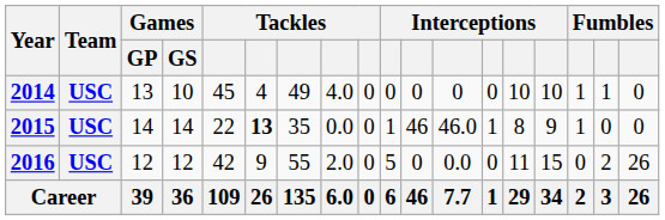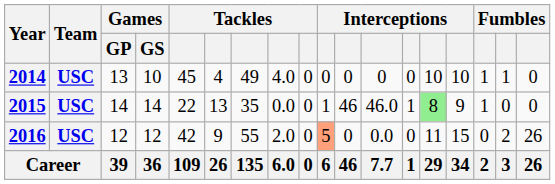 <table class="wikitable" style="text-align:center;">
 <tr>
 <th rowspan="2">Year</th>
 <th rowspan="2">Team</th>
 <th colspan="2">Games</th>
 <th colspan="5">Tackles</th>
 <th colspan="6">Interceptions</th>
 <th colspan="3">Fumbles</th>
 </tr>
 <tr>
 <th>GP</th>
 <th>GS</th>
 <th></th>
 <th></th>
 <th></th>
 <th></th>
 <th></th>
 <th></th>
 <th></th>
 <th></th>
 <th></th>
 <th></th>
 <th></th>
 <th></th>
 <th></th>
 <th></th>
 </tr>
 <tr>
 <th><a href='#'>2014</a></th>
 <th><a href='#'>USC</a></th>
 <td>13</td>
 <td>10</td>
 <td>45</td>
 <td>4</td>
 <td>49</td>
 <td>4.0</td>
 <td>0</td>
 <td>0</td>
 <td>0</td>
 <td>0</td>
 <td>0</td>
 <td>10</td>
 <td>10</td>
 <td>1</td>
 <td>1</td>
 <td>0</td>
 </tr>
 <tr>
 <th><a href='#'>2015</a></th>
 <th><a href='#'>USC</a></th>
 <td>14</td>
 <td>14</td>
 <td>22</td>
-<td><strong>13</strong></td>
+<td>13</td>
 <td>35</td>
 <td>0.0</td>
 <td>0</td>
 <td>1</td>
 <td>46</td>
 <td>46.0</td>
 <td>1</td>
-<td>8</td>
+<td style="background: lightgreen;">8</td>
 <td>9</td>
 <td>1</td>
 <td>0</td>
 <td>0</td>
 </tr>
 <tr>
 <th><a href='#'>2016</a></th>
 <th><a href='#'>USC</a></th>
 <td>12</td>
 <td>12</td>
 <td>42</td>
 <td>9</td>
 <td>55</td>
 <td>2.0</td>
 <td>0</td>
-<td>5</td>
+<td style="background: lightsalmon;">5</td>
 <td>0</td>
 <td>0.0</td>
 <td>0</td>
 <td>11</td>
 <td>15</td>
 <td>0</td>
 <td>2</td>
 <td>26</td>
 </tr>
 <tr>
 <th colspan="2">Career</th>
 <th>39</th>
 <th>36</th>
 <th>109</th>
 <th>26</th>
 <th>135</th>
 <th>6.0</th>
 <th>0</th>
 <th>6</th>
 <th>46</th>
 <th>7.7</th>
 <th>1</th>
 <th>29</th>
 <th>34</th>
 <th>2</th>
 <th>3</th>
 <th>26</th>
 </tr>
 </table>
